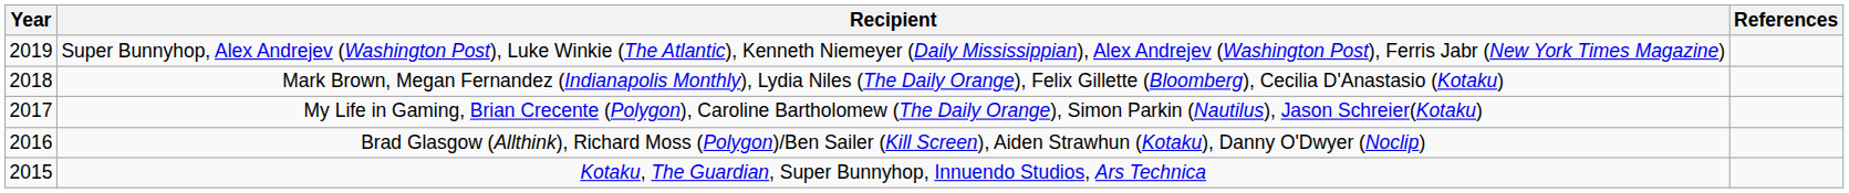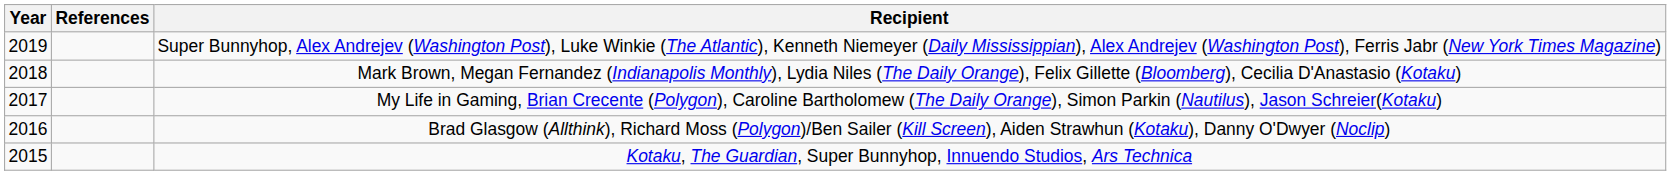 <table class="wikitable sortable" style="text-align:center">
 <tr>
 <th>Year</th>
+<th>References</th>
 <th>Recipient</th>
-<th>References</th>
 </tr>
 <tr>
 <td>2019</td>
+<td></td>
 <td>Super Bunnyhop, <a href='#'>Alex Andrejev</a>  (<em><a href='#'>Washington Post</a></em>), Luke Winkie (<em><a href='#'>The Atlantic</a></em>), Kenneth Niemeyer (<em><a href='#'>Daily Mississippian</a></em>), <a href='#'>Alex Andrejev</a> (<em><a href='#'>Washington Post</a></em>), Ferris Jabr (<em><a href='#'>New York Times Magazine</a></em>)</td>
-<td></td>
 </tr>
 <tr>
 <td>2018</td>
+<td></td>
 <td>Mark Brown, Megan Fernandez (<em><a href='#'>Indianapolis Monthly</a></em>), Lydia Niles (<em><a href='#'>The Daily Orange</a></em>), Felix Gillette (<em><a href='#'>Bloomberg</a></em>), Cecilia D'Anastasio (<em><a href='#'>Kotaku</a></em>)</td>
-<td></td>
 </tr>
 <tr>
 <td>2017</td>
+<td></td>
 <td>My Life in Gaming, <a href='#'>Brian Crecente</a> (<em><a href='#'>Polygon</a></em>), Caroline Bartholomew (<em><a href='#'>The Daily Orange</a></em>), Simon Parkin (<em><a href='#'>Nautilus</a></em>), <a href='#'>Jason Schreier</a>(<em><a href='#'>Kotaku</a></em>)</td>
-<td></td>
 </tr>
 <tr>
 <td>2016</td>
+<td></td>
 <td>Brad Glasgow (<em>Allthink</em>), Richard Moss (<em><a href='#'>Polygon</a></em>)/Ben Sailer (<em><a href='#'>Kill Screen</a></em>), Aiden Strawhun (<em><a href='#'>Kotaku</a></em>), Danny O'Dwyer (<em><a href='#'>Noclip</a></em>)</td>
-<td></td>
 </tr>
 <tr>
 <td>2015</td>
+<td></td>
 <td><em><a href='#'>Kotaku</a></em>, <em><a href='#'>The Guardian</a></em>, Super Bunnyhop, <a href='#'>Innuendo Studios</a>, <em><a href='#'>Ars Technica</a></em></td>
-<td></td>
 </tr>
 </table>
